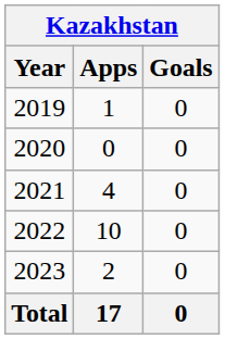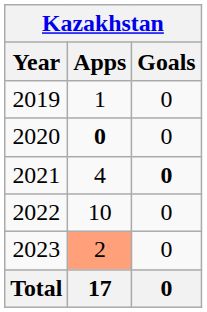 <table class="wikitable" style="text-align:center">
 <tr>
 <th colspan=3><a href='#'>Kazakhstan</a></th>
 </tr>
 <tr>
 <th>Year</th>
 <th>Apps</th>
 <th>Goals</th>
 </tr>
 <tr>
 <td>2019</td>
 <td>1</td>
 <td>0</td>
 </tr>
 <tr>
 <td>2020</td>
-<td>0</td>
+<td><strong>0</strong></td>
 <td>0</td>
 </tr>
 <tr>
 <td>2021</td>
 <td>4</td>
-<td>0</td>
+<td><strong>0</strong></td>
 </tr>
 <tr>
 <td>2022</td>
 <td>10</td>
 <td>0</td>
 </tr>
 <tr>
 <td>2023</td>
-<td>2</td>
+<td style="background: lightsalmon;">2</td>
 <td>0</td>
 </tr>
 <tr>
 <th>Total</th>
 <th>17</th>
 <th>0</th>
 </tr>
 </table>
